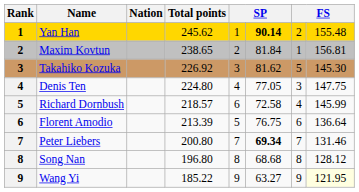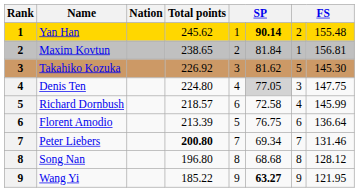 <table class="wikitable sortable">
 <tr>
 <th>Rank</th>
 <th>Name</th>
 <th>Nation</th>
 <th>Total points</th>
 <th colspan="2" width="80px"><a href='#'>SP</a></th>
 <th colspan="2" width="80px"><a href='#'>FS</a></th>
 </tr>
 <tr bgcolor="gold">
 <td align="center"><strong>1</strong></td>
 <td><a href='#'>Yan Han</a></td>
 <td></td>
 <td align="center">245.62</td>
 <td align="center">1</td>
 <td align="center"><strong>90.14</strong></td>
 <td align="center">2</td>
 <td align="center">155.48</td>
 </tr>
 <tr bgcolor="silver">
 <td align="center"><strong>2</strong></td>
 <td><a href='#'>Maxim Kovtun</a></td>
 <td></td>
 <td align="center">238.65</td>
 <td align="center">2</td>
 <td align="center">81.84</td>
 <td align="center">1</td>
 <td align="center">156.81</td>
 </tr>
 <tr bgcolor="cc9966">
 <td align="center"><strong>3</strong></td>
 <td><a href='#'>Takahiko Kozuka</a></td>
 <td></td>
 <td align="center">226.92</td>
 <td align="center">3</td>
 <td align="center">81.62</td>
 <td align="center">5</td>
 <td align="center">145.30</td>
 </tr>
 <tr>
 <th>4</th>
 <td><a href='#'>Denis Ten</a></td>
 <td></td>
 <td align="center">224.80</td>
 <td align="center">4</td>
-<td align="center">77.05</td>
+<td align="center" style="background: lightgrey;">77.05</td>
 <td align="center">3</td>
 <td align="center">147.75</td>
 </tr>
 <tr>
 <th>5</th>
 <td><a href='#'>Richard Dornbush</a></td>
 <td></td>
 <td align="center">218.57</td>
 <td align="center">6</td>
 <td align="center">72.58</td>
 <td align="center">4</td>
 <td align="center">145.99</td>
 </tr>
 <tr>
 <th>6</th>
 <td><a href='#'>Florent Amodio</a></td>
 <td></td>
 <td align="center">213.39</td>
 <td align="center">5</td>
 <td align="center">76.75</td>
 <td align="center">6</td>
 <td align="center">136.64</td>
 </tr>
 <tr>
 <th>7</th>
 <td><a href='#'>Peter Liebers</a></td>
 <td></td>
-<td align="center">200.80</td>
+<td align="center"><strong>200.80</strong></td>
 <td align="center">7</td>
-<td align="center"><strong>69.34</strong></td>
+<td align="center">69.34</td>
 <td align="center">7</td>
 <td align="center">131.46</td>
 </tr>
 <tr>
 <th>8</th>
 <td><a href='#'>Song Nan</a></td>
 <td></td>
 <td align="center">196.80</td>
 <td align="center">8</td>
 <td align="center">68.68</td>
 <td align="center">8</td>
 <td align="center">128.12</td>
 </tr>
 <tr>
 <th>9</th>
 <td><a href='#'>Wang Yi</a></td>
 <td></td>
 <td align="center">185.22</td>
 <td align="center">9</td>
-<td align="center">63.27</td>
+<td align="center"><strong>63.27</strong></td>
 <td align="center">9</td>
-<td align="center" style="background: lightyellow;">121.95</td>
+<td align="center">121.95</td>
 </tr>
 </table>
